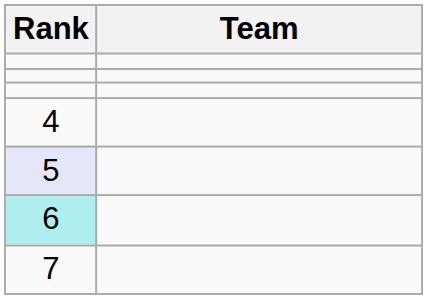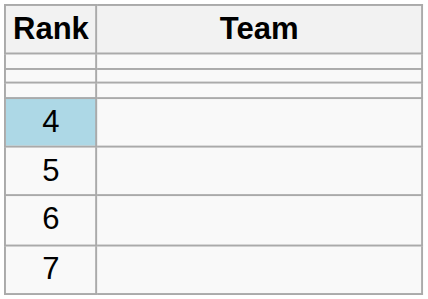 <table class="wikitable" style="text-align: center">
 <tr>
 <th width=40px>Rank</th>
 <th width=160px>Team</th>
 </tr>
 <tr>
 <td></td>
 <td align=left></td>
 </tr>
 <tr>
 <td></td>
 <td align=left></td>
 </tr>
 <tr>
 <td></td>
 <td align=left></td>
 </tr>
 <tr>
-<td>4</td>
+<td style="background: lightblue;">4</td>
 <td align=left></td>
 </tr>
 <tr>
-<td style="background: lavender;">5</td>
+<td>5</td>
 <td align=left></td>
 </tr>
 <tr>
-<td style="background: paleturquoise;">6</td>
+<td>6</td>
 <td align=left></td>
 </tr>
 <tr>
 <td>7</td>
 <td align=left></td>
 </tr>
 </table>
